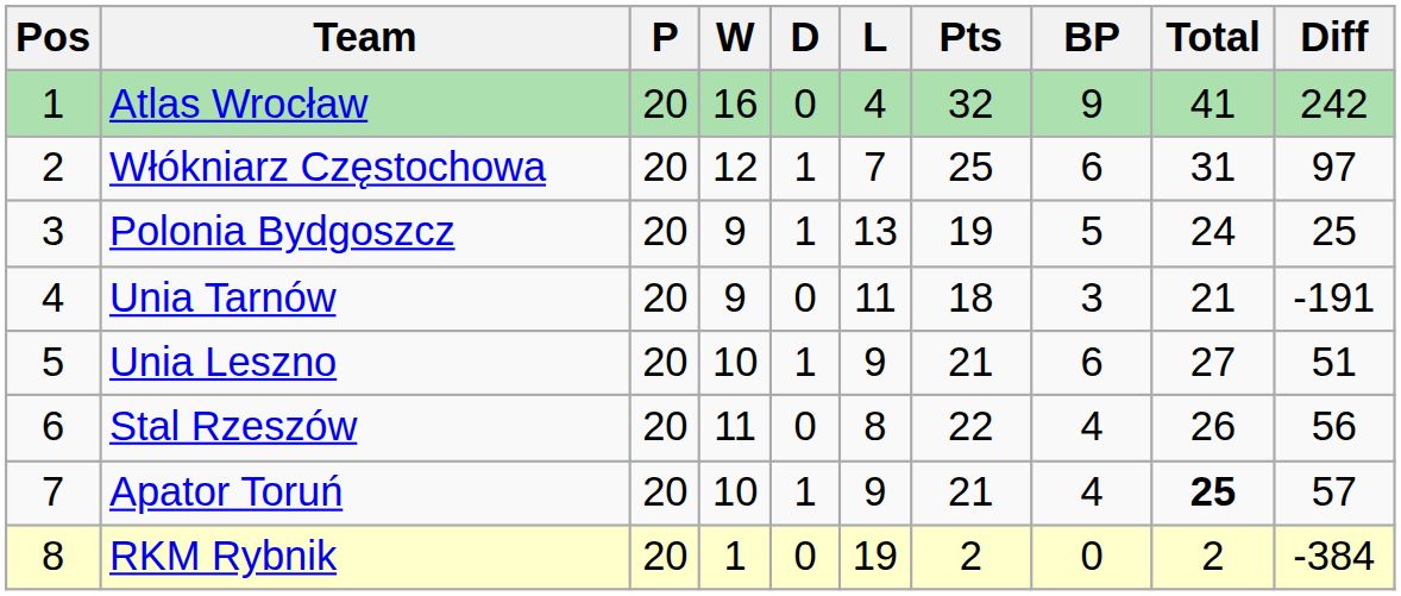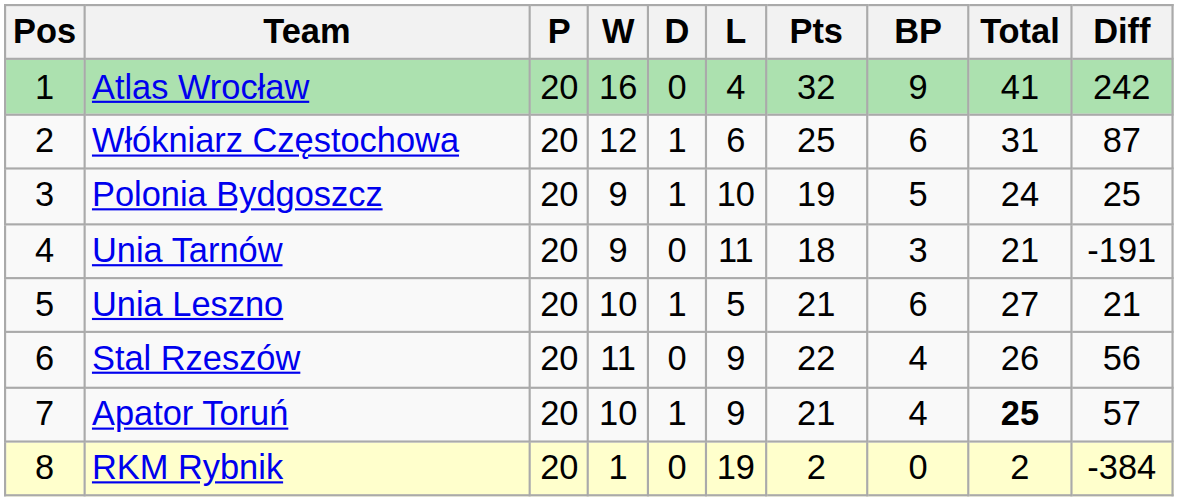 <table class="wikitable" style="font-size: 100%">
 <tr>
 <th width=20>Pos</th>
 <th width=200>Team</th>
 <th width=20>P</th>
 <th width=20>W</th>
 <th width=20>D</th>
 <th width=20>L</th>
 <th width=40>Pts</th>
 <th width=40>BP</th>
 <th width=40>Total</th>
 <th width=40>Diff</th>
 </tr>
 <tr align=center style="background:#ACE1AF;">
 <td>1</td>
 <td align="left"><a href='#'>Atlas Wrocław</a></td>
 <td>20</td>
 <td>16</td>
 <td>0</td>
 <td>4</td>
 <td>32</td>
 <td>9</td>
 <td>41</td>
 <td>242</td>
 </tr>
 <tr align=center>
 <td>2</td>
 <td align="left"><a href='#'>Włókniarz Częstochowa</a></td>
 <td>20</td>
 <td>12</td>
 <td>1</td>
-<td>7</td>
+<td>6</td>
 <td>25</td>
 <td>6</td>
 <td>31</td>
-<td>97</td>
+<td>87</td>
 </tr>
 <tr align=center>
 <td>3</td>
 <td align="left"><a href='#'>Polonia Bydgoszcz</a></td>
 <td>20</td>
 <td>9</td>
 <td>1</td>
-<td>13</td>
+<td>10</td>
 <td>19</td>
 <td>5</td>
 <td>24</td>
 <td>25</td>
 </tr>
 <tr align=center>
 <td>4</td>
 <td align="left"><a href='#'>Unia Tarnów</a></td>
 <td>20</td>
 <td>9</td>
 <td>0</td>
 <td>11</td>
 <td>18</td>
 <td>3</td>
 <td>21</td>
 <td>-191</td>
 </tr>
 <tr align=center>
 <td>5</td>
 <td align="left"><a href='#'>Unia Leszno</a></td>
 <td>20</td>
 <td>10</td>
 <td>1</td>
-<td>9</td>
+<td>5</td>
 <td>21</td>
 <td>6</td>
 <td>27</td>
-<td>51</td>
+<td>21</td>
 </tr>
 <tr align=center>
 <td>6</td>
 <td align="left"><a href='#'>Stal Rzeszów</a></td>
 <td>20</td>
 <td>11</td>
 <td>0</td>
-<td>8</td>
+<td>9</td>
 <td>22</td>
 <td>4</td>
 <td>26</td>
 <td>56</td>
 </tr>
 <tr align=center>
 <td>7</td>
 <td align="left"><a href='#'>Apator Toruń</a></td>
 <td>20</td>
 <td>10</td>
 <td>1</td>
 <td>9</td>
 <td>21</td>
 <td>4</td>
 <td><strong>25</strong></td>
 <td>57</td>
 </tr>
 <tr align=center style="background: #ffffcc;">
 <td>8</td>
 <td align="left"><a href='#'>RKM Rybnik</a></td>
 <td>20</td>
 <td>1</td>
 <td>0</td>
 <td>19</td>
 <td>2</td>
 <td>0</td>
 <td>2</td>
 <td>-384</td>
 </tr>
 </table>
